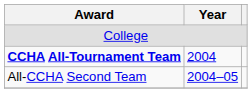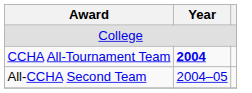 <table class="wikitable">
 <tr>
 <th>Award</th>
 <th>Year</th>
 <th></th>
 </tr>
 <tr ALIGN="center" bgcolor="#e0e0e0">
 <td colspan="3"><a href='#'>College</a></td>
 </tr>
 <tr>
-<td><strong><a href='#'>CCHA</a> <a href='#'>All-Tournament Team</a></strong></td>
-<td><a href='#'>2004</a></td>
+<td><a href='#'>CCHA</a> <a href='#'>All-Tournament Team</a></td>
+<td><strong><a href='#'>2004</a></strong></td>
 <td></td>
 </tr>
 <tr>
 <td>All-<a href='#'>CCHA</a> <a href='#'>Second Team</a></td>
 <td><a href='#'>2004–05</a></td>
 <td></td>
 </tr>
 <tr>
 </tr>
 </table>
